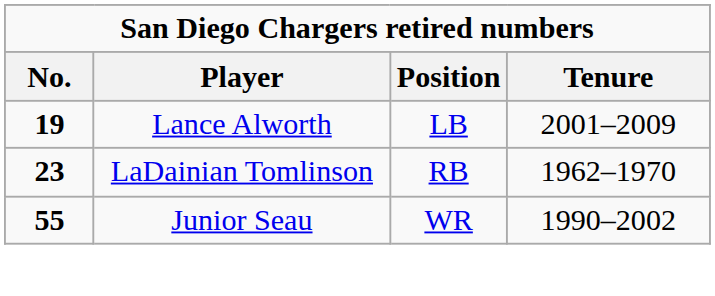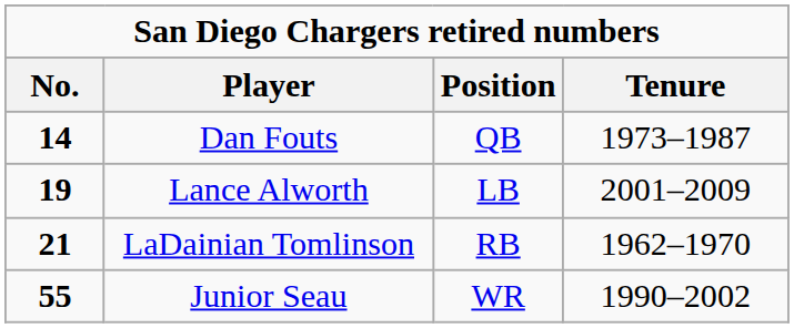 <table class="wikitable sortable" style="text-align:center">
 <tr>
 <td colspan="4"><strong>San Diego Chargers retired numbers</strong></td>
 </tr>
 <tr>
 <th style="width:40px; ">No.</th>
 <th style="width:150px; ">Player</th>
 <th style="width:40px; ">Position</th>
 <th style="width:100px; ">Tenure</th>
 </tr>
 <tr>
+<td><strong>14</strong></td>
+<td><a href='#'>Dan Fouts</a></td>
+<td><a href='#'>QB</a></td>
+<td>1973–1987</td>
+</tr>
+<tr>
 <td><strong>19</strong></td>
 <td><a href='#'>Lance Alworth</a></td>
 <td><a href='#'>LB</a></td>
 <td>2001–2009</td>
 </tr>
 <tr>
-<td><strong>23</strong></td>
+<td><strong>21</strong></td>
 <td><a href='#'>LaDainian Tomlinson</a></td>
 <td><a href='#'>RB</a></td>
 <td>1962–1970</td>
 </tr>
 <tr>
 <td><strong>55</strong></td>
 <td><a href='#'>Junior Seau</a></td>
 <td><a href='#'>WR</a></td>
 <td>1990–2002</td>
 </tr>
 </table>
